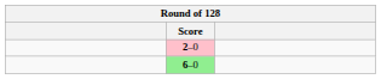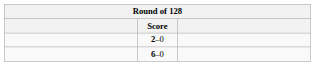 <table class="wikitable" style="text-align: center; font-size:90% ">
 <tr>
 <th colspan=4>Round of 128</th>
 </tr>
 <tr>
 <th width=215></th>
 <th width=60>Score</th>
 <th width=215></th>
 </tr>
 <tr>
 <td align=left><strong></strong></td>
-<td style="background: pink;"><strong>2</strong>–0</td>
+<td><strong>2</strong>–0</td>
 <td align=left></td>
 </tr>
 <tr>
 <td align=left><strong></strong></td>
-<td style="background: lightgreen;"><strong>6</strong>–0</td>
+<td><strong>6</strong>–0</td>
 <td align=left></td>
 </tr>
 </table>
